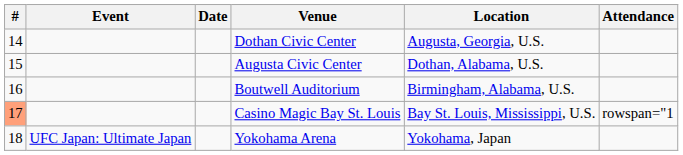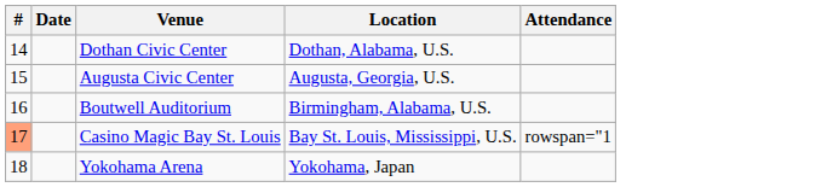 <table class="wikitable succession-box" style="font-size:90%;">
 <tr>
 <th scope="col">#</th>
-<th scope="col">Event</th>
 <th scope="col">Date</th>
 <th scope="col">Venue</th>
 <th scope="col">Location</th>
 <th scope="col">Attendance</th>
 </tr>
 <tr>
 <td>14</td>
 <td></td>
-<td></td>
 <td><a href='#'>Dothan Civic Center</a></td>
-<td><a href='#'>Augusta, Georgia</a>, U.S.</td>
+<td><a href='#'>Dothan, Alabama</a>, U.S.</td>
 <td></td>
 </tr>
 <tr>
 <td>15</td>
 <td></td>
-<td></td>
 <td><a href='#'>Augusta Civic Center</a></td>
-<td><a href='#'>Dothan, Alabama</a>, U.S.</td>
+<td><a href='#'>Augusta, Georgia</a>, U.S.</td>
 <td></td>
 </tr>
 <tr>
 <td>16</td>
-<td></td>
 <td></td>
 <td><a href='#'>Boutwell Auditorium</a></td>
 <td><a href='#'>Birmingham, Alabama</a>, U.S.</td>
 <td></td>
 </tr>
 <tr>
 <td style="background: lightsalmon;">17</td>
 <td></td>
-<td></td>
 <td><a href='#'>Casino Magic Bay St. Louis</a></td>
 <td><a href='#'>Bay St. Louis, Mississippi</a>, U.S.</td>
 <td>rowspan="1 </td>
 </tr>
 <tr>
 <td>18</td>
-<td><a href='#'>UFC Japan: Ultimate Japan</a></td>
 <td></td>
 <td><a href='#'>Yokohama Arena</a></td>
 <td><a href='#'>Yokohama</a>, Japan</td>
 <td></td>
 </tr>
 </table>
